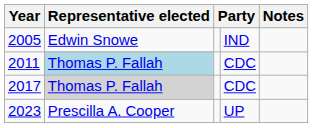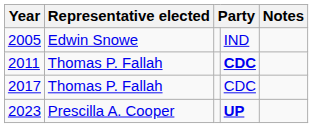 <table class="wikitable">
 <tr>
 <th>Year</th>
 <th>Representative elected</th>
 <th colspan=2>Party</th>
 <th>Notes</th>
 </tr>
 <tr>
 <td><a href='#'>2005</a></td>
 <td><a href='#'>Edwin Snowe</a></td>
 <td></td>
 <td><a href='#'>IND</a></td>
 <td></td>
 </tr>
 <tr>
 <td><a href='#'>2011</a></td>
-<td style="background: lightblue;"><a href='#'>Thomas P. Fallah</a></td>
+<td><a href='#'>Thomas P. Fallah</a></td>
 <td></td>
-<td><a href='#'>CDC</a></td>
+<td><strong><a href='#'>CDC</a></strong></td>
 <td></td>
 </tr>
 <tr>
 <td><a href='#'>2017</a></td>
-<td style="background: lightgrey;"><a href='#'>Thomas P. Fallah</a></td>
+<td><a href='#'>Thomas P. Fallah</a></td>
 <td></td>
 <td><a href='#'>CDC</a></td>
 <td></td>
 </tr>
 <tr>
 <td><a href='#'>2023</a></td>
 <td><a href='#'>Prescilla A. Cooper</a></td>
 <td></td>
-<td><a href='#'>UP</a></td>
+<td><strong><a href='#'>UP</a></strong></td>
 <td></td>
 </tr>
 </table>
